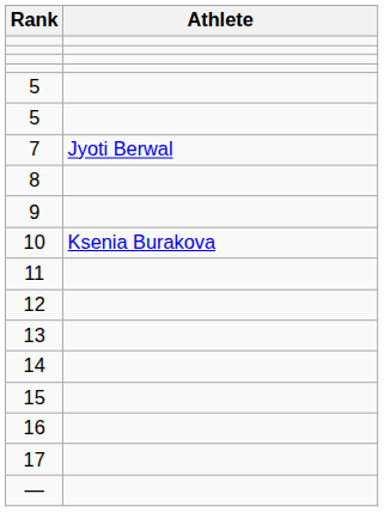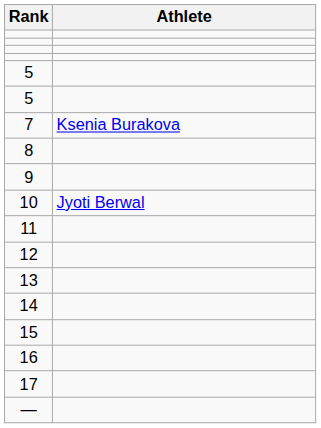 <table class="wikitable" style="text-align: center;">
 <tr>
 <th width=40>Rank</th>
 <th width=250>Athlete</th>
 </tr>
 <tr>
 <td></td>
 <td align="left"></td>
 </tr>
 <tr>
 <td></td>
 <td align="left"></td>
 </tr>
 <tr>
 <td></td>
 <td align="left"></td>
 </tr>
 <tr>
 <td></td>
 <td align="left"></td>
 </tr>
 <tr>
 <td>5</td>
 <td align="left"></td>
 </tr>
 <tr>
 <td>5</td>
 <td align="left"></td>
 </tr>
 <tr>
 <td>7</td>
-<td align="left"> <a href='#'>Jyoti Berwal</a> </td>
+<td align="left"> <a href='#'>Ksenia Burakova</a> </td>
 </tr>
 <tr>
 <td>8</td>
 <td align="left"></td>
 </tr>
 <tr>
 <td>9</td>
 <td align="left"></td>
 </tr>
 <tr>
 <td>10</td>
-<td align="left"> <a href='#'>Ksenia Burakova</a> </td>
+<td align="left"> <a href='#'>Jyoti Berwal</a> </td>
 </tr>
 <tr>
 <td>11</td>
 <td align="left"></td>
 </tr>
 <tr>
 <td>12</td>
 <td align="left"></td>
 </tr>
 <tr>
 <td>13</td>
 <td align="left"></td>
 </tr>
 <tr>
 <td>14</td>
 <td align="left"></td>
 </tr>
 <tr>
 <td>15</td>
 <td align="left"></td>
 </tr>
 <tr>
 <td>16</td>
 <td align="left"></td>
 </tr>
 <tr>
 <td>17</td>
 <td align="left"></td>
 </tr>
 <tr>
 <td>—</td>
 <td align="left"></td>
 </tr>
 </table>
